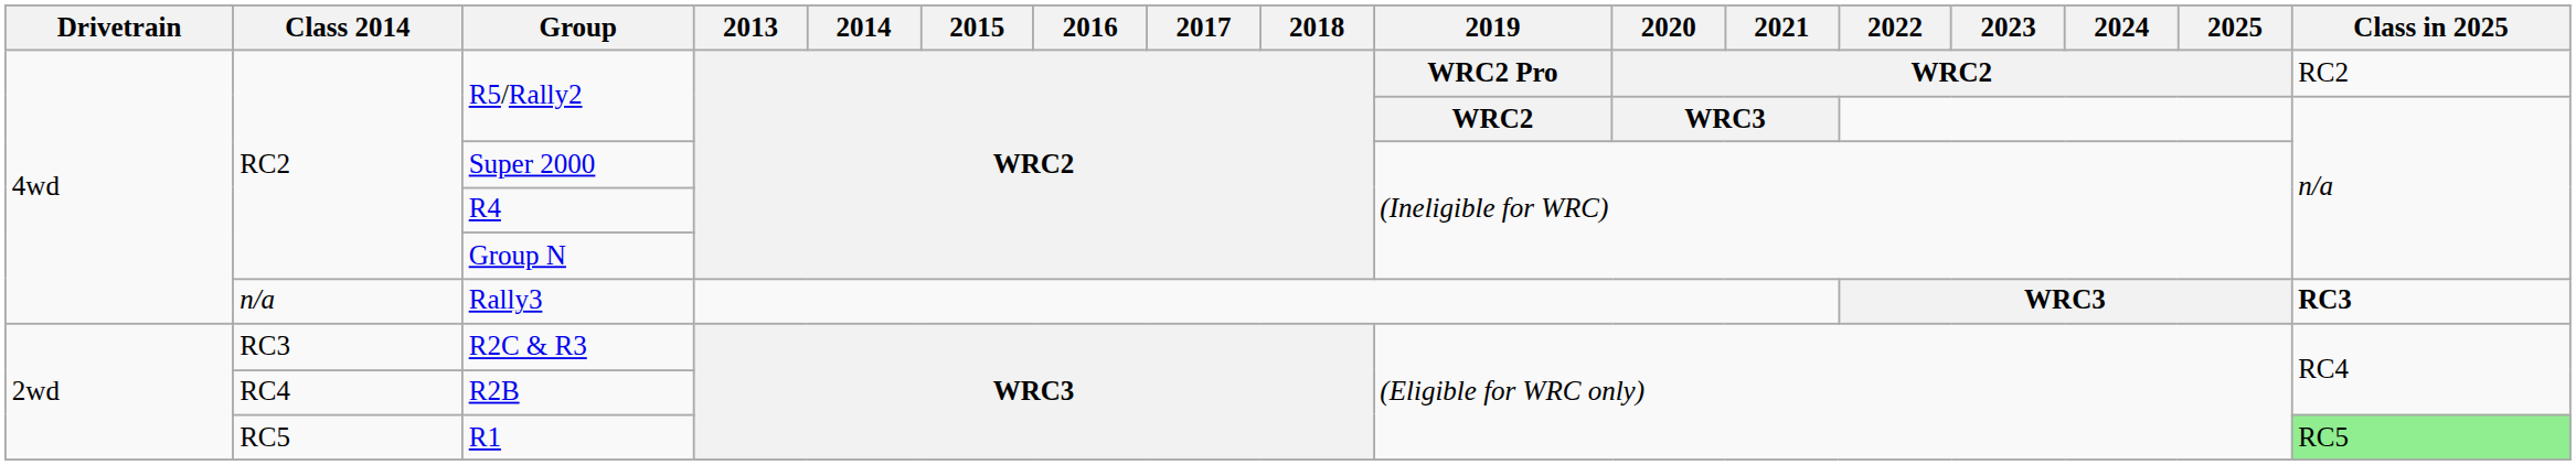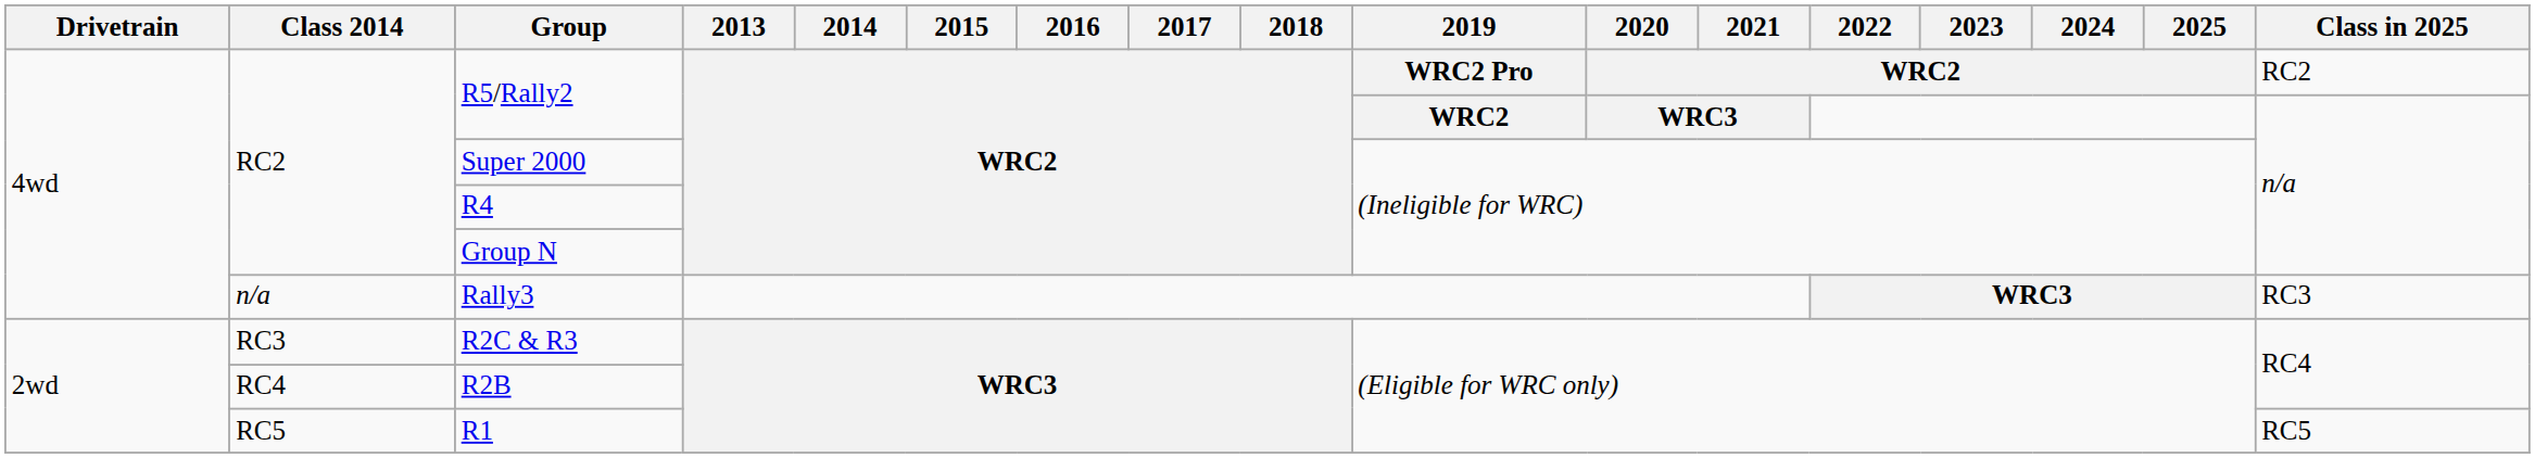 <table class="wikitable mw-collapsible" style="margin: 0.5em auto; clear: both; width: 100%; font-size:85%;">
 <tr>
 <th>Drivetrain</th>
 <th>Class 2014</th>
 <th>Group</th>
 <th>2013</th>
 <th>2014</th>
 <th>2015</th>
 <th>2016</th>
 <th>2017</th>
 <th>2018</th>
 <th>2019</th>
 <th>2020</th>
 <th>2021</th>
 <th>2022</th>
 <th>2023</th>
 <th>2024</th>
 <th>2025</th>
 <th>Class in 2025</th>
 </tr>
 <tr>
 <td rowspan="6">4wd</td>
 <td rowspan="5">RC2</td>
 <td rowspan="2"><a href='#'>R5</a>/<a href='#'>Rally2</a></td>
 <th colspan="6" rowspan="5">WRC2</th>
 <th>WRC2 Pro</th>
 <th colspan="6">WRC2</th>
 <td>RC2</td>
 </tr>
 <tr>
 <th>WRC2</th>
 <th colspan="2">WRC3</th>
 <td colspan="4"></td>
 <td rowspan="4"><em>n/a</em></td>
 </tr>
 <tr>
 <td><a href='#'>Super 2000</a></td>
 <td colspan="7" rowspan="3"><em>(Ineligible for WRC)</em></td>
 </tr>
 <tr>
 <td><a href='#'>R4</a></td>
 </tr>
 <tr>
 <td><a href='#'>Group N</a></td>
 </tr>
 <tr>
 <td><em>n/a</em></td>
 <td><a href='#'>Rally3</a></td>
 <td colspan="9"></td>
 <th colspan="4">WRC3</th>
-<td><strong>RC3</strong></td>
+<td>RC3</td>
 </tr>
 <tr>
 <td rowspan="3">2wd</td>
 <td>RC3</td>
 <td><a href='#'>R2C & R3</a></td>
 <th colspan="6" rowspan="3">WRC3</th>
 <td colspan="7" rowspan="3"><em>(Eligible for WRC only)</em></td>
 <td rowspan="2">RC4</td>
 </tr>
 <tr>
 <td>RC4</td>
 <td><a href='#'>R2B</a></td>
 </tr>
 <tr>
 <td>RC5</td>
 <td><a href='#'>R1</a></td>
-<td style="background: lightgreen;">RC5</td>
+<td>RC5</td>
 </tr>
 </table>
